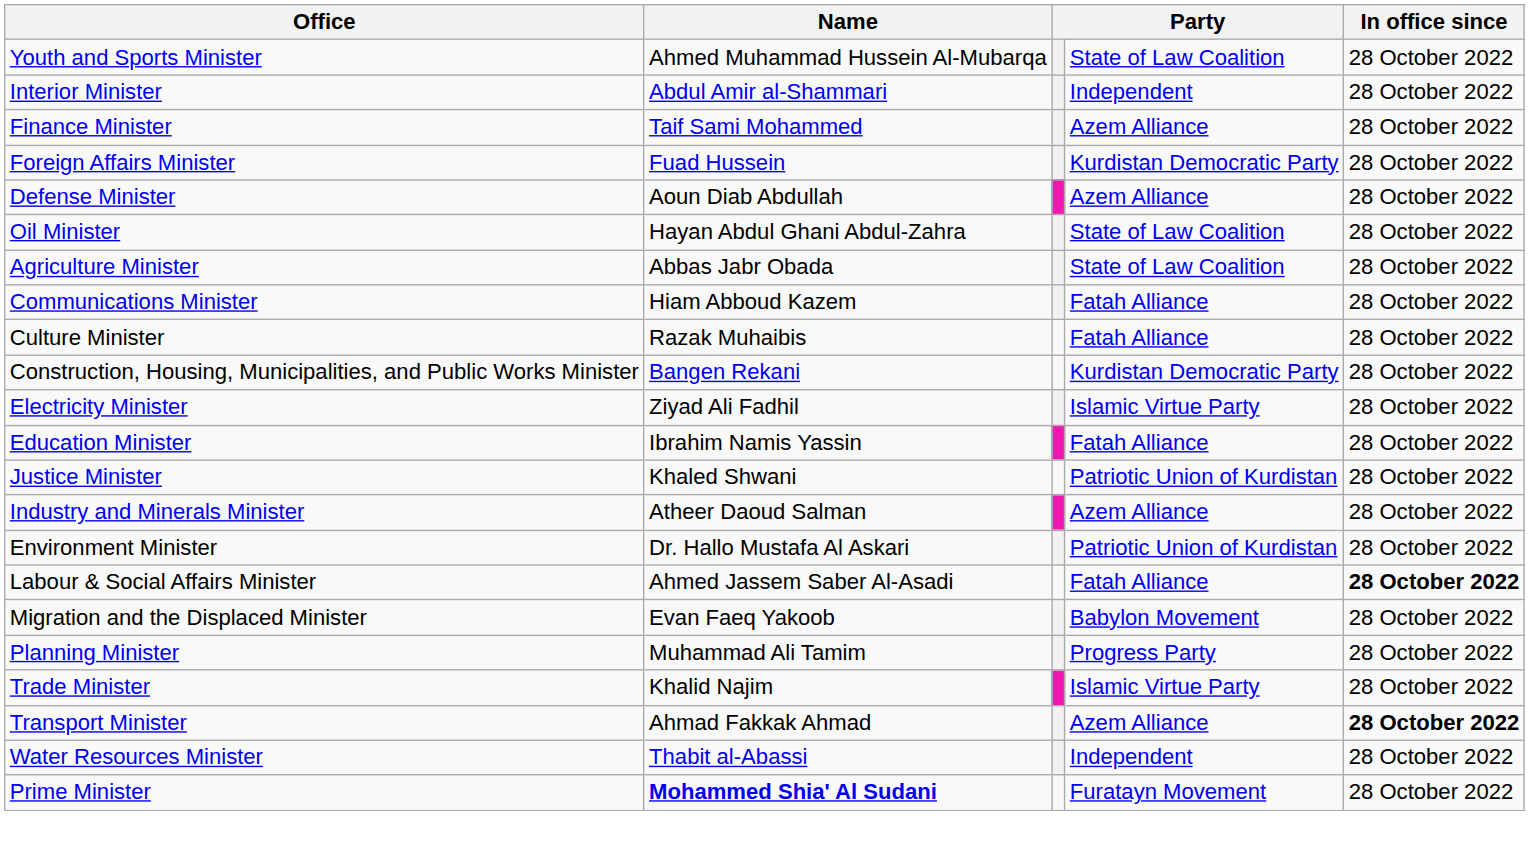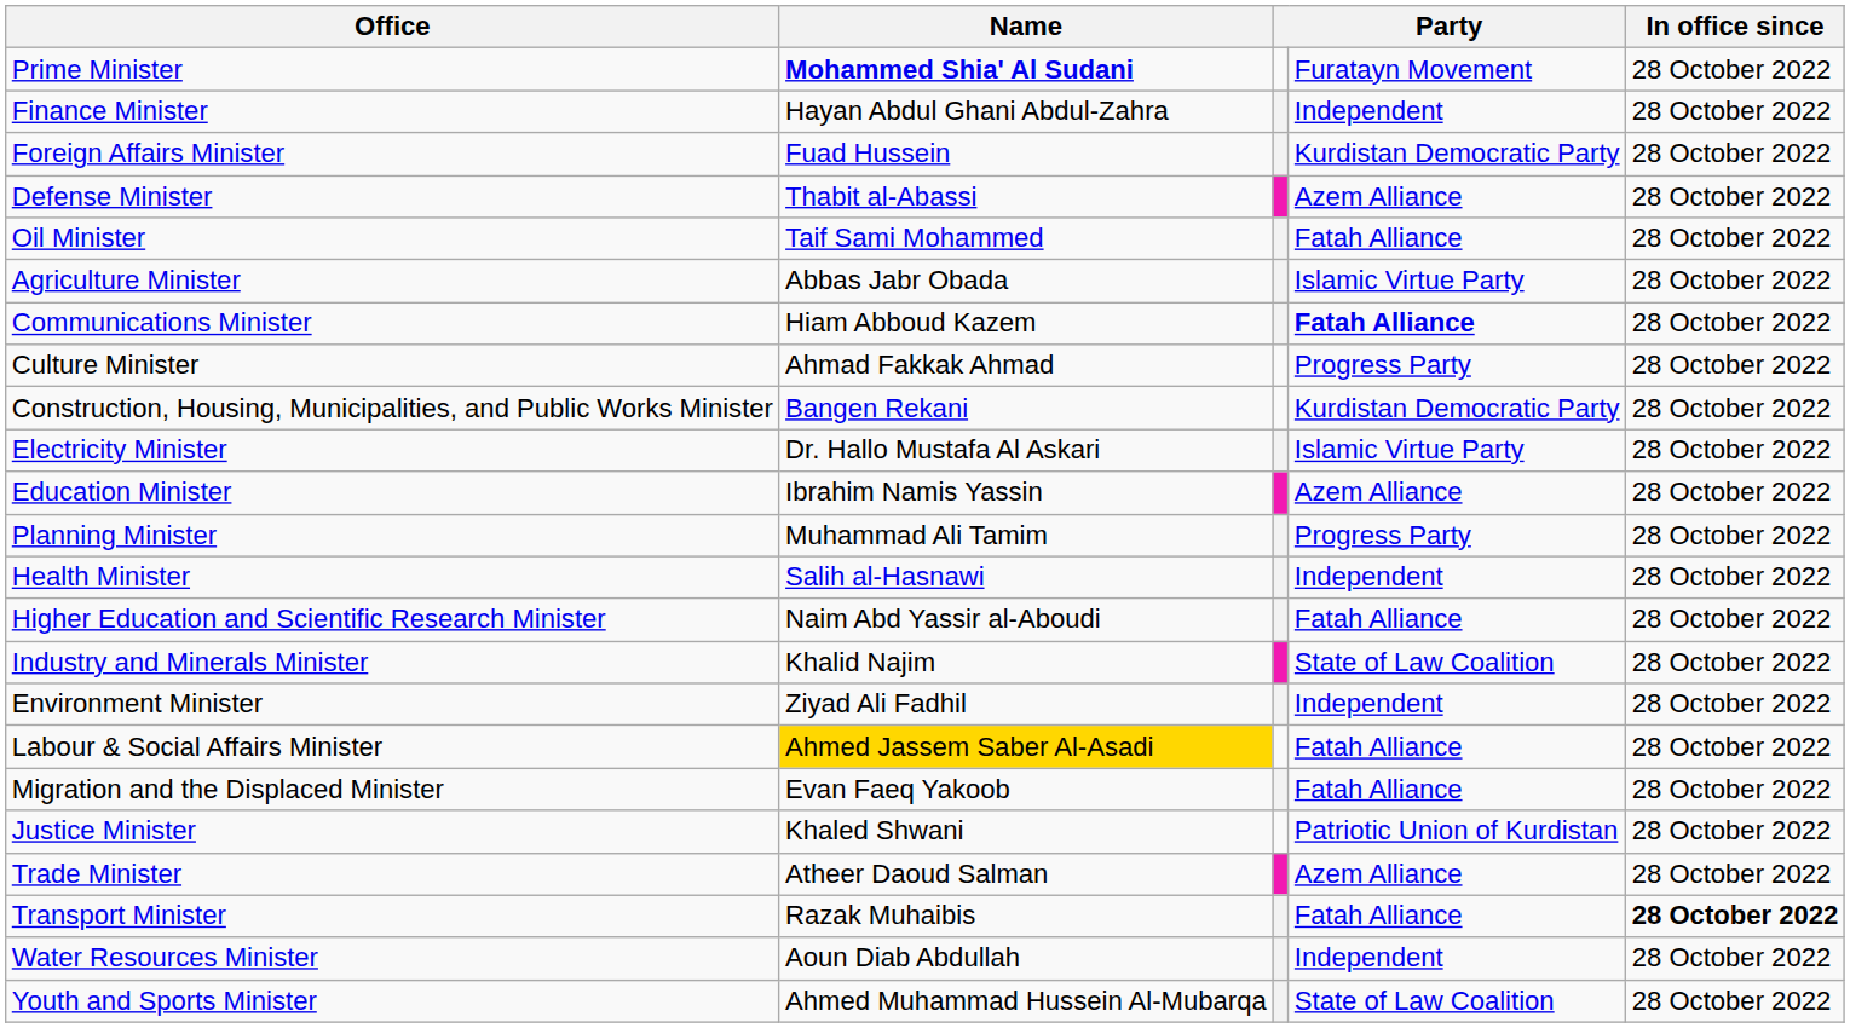 <table class="wikitable">
 <tr>
 <th>Office</th>
 <th>Name</th>
 <th colspan="2">Party</th>
 <th>In office since</th>
 </tr>
 <tr>
-<td><a href='#'>Youth and Sports Minister</a></td>
-<td>Ahmed Muhammad Hussein Al-Mubarqa</td>
-<th style="background:"></th>
-<td><a href='#'>State of Law Coalition</a></td>
-<td>28 October 2022</td>
-</tr>
-<tr>
-<td><a href='#'>Interior Minister</a></td>
-<td><a href='#'>Abdul Amir al-Shammari</a></td>
-<th style="background:"></th>
-<td><a href='#'>Independent</a></td>
+<td><a href='#'>Prime Minister</a></td>
+<td><strong><a href='#'>Mohammed Shia' Al Sudani</a></strong></td>
+<td></td>
+<td><a href='#'>Furatayn Movement</a></td>
 <td>28 October 2022</td>
 </tr>
 <tr>
 <td><a href='#'>Finance Minister</a></td>
-<td><a href='#'>Taif Sami Mohammed</a></td>
+<td>Hayan Abdul Ghani Abdul-Zahra</td>
 <th style="background:"></th>
-<td><a href='#'>Azem Alliance</a></td>
+<td><a href='#'>Independent</a></td>
 <td>28 October 2022</td>
 </tr>
 <tr>
 <td><a href='#'>Foreign Affairs Minister</a></td>
 <td><a href='#'>Fuad Hussein</a></td>
 <th style="background:"></th>
 <td><a href='#'>Kurdistan Democratic Party</a></td>
 <td>28 October 2022</td>
 </tr>
 <tr>
 <td><a href='#'>Defense Minister</a></td>
-<td>Aoun Diab Abdullah</td>
+<td><a href='#'>Thabit al-Abassi</a></td>
 <th style="width:2px;background:#F217B2;"></th>
 <td><a href='#'>Azem Alliance</a></td>
 <td>28 October 2022</td>
 </tr>
 <tr>
 <td><a href='#'>Oil Minister</a></td>
-<td>Hayan Abdul Ghani Abdul-Zahra</td>
+<td><a href='#'>Taif Sami Mohammed</a></td>
 <th style="background:"></th>
-<td><a href='#'>State of Law Coalition</a></td>
+<td><a href='#'>Fatah Alliance</a></td>
 <td>28 October 2022</td>
 </tr>
 <tr>
 <td><a href='#'>Agriculture Minister</a></td>
 <td>Abbas Jabr Obada</td>
 <th style="background:"></th>
-<td><a href='#'>State of Law Coalition</a></td>
+<td><a href='#'>Islamic Virtue Party</a></td>
 <td>28 October 2022</td>
 </tr>
 <tr>
 <td><a href='#'>Communications Minister</a></td>
 <td>Hiam Abboud Kazem</td>
 <th style="background:"></th>
-<td><a href='#'>Fatah Alliance</a></td>
+<td><strong><a href='#'>Fatah Alliance</a></strong></td>
 <td>28 October 2022</td>
 </tr>
 <tr>
 <td>Culture Minister</td>
-<td>Razak Muhaibis</td>
+<td>Ahmad Fakkak Ahmad</td>
 <td style="background:"></td>
-<td><a href='#'>Fatah Alliance</a></td>
+<td><a href='#'>Progress Party</a></td>
 <td>28 October 2022</td>
 </tr>
 <tr>
 <td>Construction, Housing, Municipalities, and Public Works Minister</td>
 <td><a href='#'>Bangen Rekani</a></td>
 <td style="background:"></td>
 <td><a href='#'>Kurdistan Democratic Party</a></td>
 <td>28 October 2022</td>
 </tr>
 <tr>
 <td><a href='#'>Electricity Minister</a></td>
-<td>Ziyad Ali Fadhil</td>
+<td>Dr. Hallo Mustafa Al Askari</td>
 <th style="background:"></th>
 <td><a href='#'>Islamic Virtue Party</a></td>
 <td>28 October 2022</td>
 </tr>
 <tr>
 <td><a href='#'>Education Minister</a></td>
 <td>Ibrahim Namis Yassin</td>
 <th style="width:2px;background:#F217B2;"></th>
+<td><a href='#'>Azem Alliance</a></td>
+<td>28 October 2022</td>
+</tr>
+<tr>
+<td><a href='#'>Planning Minister</a></td>
+<td>Muhammad Ali Tamim</td>
+<th style="background:"></th>
+<td><a href='#'>Progress Party</a></td>
+<td>28 October 2022</td>
+</tr>
+<tr>
+<td><a href='#'>Health Minister</a></td>
+<td><a href='#'>Salih al-Hasnawi</a></td>
+<th style="background:"></th>
+<td><a href='#'>Independent</a></td>
+<td>28 October 2022</td>
+</tr>
+<tr>
+<td><a href='#'>Higher Education and Scientific Research Minister</a></td>
+<td>Naim Abd Yassir al-Aboudi</td>
+<th style="background:"></th>
+<td><a href='#'>Fatah Alliance</a></td>
+<td>28 October 2022</td>
+</tr>
+<tr>
+<td><a href='#'>Industry and Minerals Minister</a></td>
+<td>Khalid Najim</td>
+<th style="width:2px;background:#F217B2;"></th>
+<td><a href='#'>State of Law Coalition</a></td>
+<td>28 October 2022</td>
+</tr>
+<tr>
+<td>Environment Minister</td>
+<td>Ziyad Ali Fadhil</td>
+<th style="background:"></th>
+<td><a href='#'>Independent</a></td>
+<td>28 October 2022</td>
+</tr>
+<tr>
+<td>Labour & Social Affairs Minister</td>
+<td style="background: gold;">Ahmed Jassem Saber Al-Asadi</td>
+<td style="background:"></td>
+<td><a href='#'>Fatah Alliance</a></td>
+<td>28 October 2022</td>
+</tr>
+<tr>
+<td>Migration and the Displaced Minister</td>
+<td>Evan Faeq Yakoob</td>
+<th style="background:"></th>
 <td><a href='#'>Fatah Alliance</a></td>
 <td>28 October 2022</td>
 </tr>
 <tr>
 <td><a href='#'>Justice Minister</a></td>
 <td>Khaled Shwani</td>
 <td style="background:"></td>
 <td><a href='#'>Patriotic Union of Kurdistan</a></td>
 <td>28 October 2022</td>
 </tr>
 <tr>
-<td><a href='#'>Industry and Minerals Minister</a></td>
+<td><a href='#'>Trade Minister</a></td>
 <td>Atheer Daoud Salman</td>
 <th style="width:2px;background:#F217B2;"></th>
 <td><a href='#'>Azem Alliance</a></td>
 <td>28 October 2022</td>
 </tr>
 <tr>
-<td>Environment Minister</td>
-<td>Dr. Hallo Mustafa Al Askari</td>
+<td><a href='#'>Transport Minister</a></td>
+<td>Razak Muhaibis</td>
 <th style="background:"></th>
-<td><a href='#'>Patriotic Union of Kurdistan</a></td>
-<td>28 October 2022</td>
-</tr>
-<tr>
-<td>Labour & Social Affairs Minister</td>
-<td>Ahmed Jassem Saber Al-Asadi</td>
-<td style="background:"></td>
 <td><a href='#'>Fatah Alliance</a></td>
 <td><strong>28 October 2022</strong></td>
 </tr>
 <tr>
-<td>Migration and the Displaced Minister</td>
-<td>Evan Faeq Yakoob</td>
-<th style="background:"></th>
-<td><a href='#'>Babylon Movement</a></td>
-<td>28 October 2022</td>
-</tr>
-<tr>
-<td><a href='#'>Planning Minister</a></td>
-<td>Muhammad Ali Tamim</td>
-<th style="background:"></th>
-<td><a href='#'>Progress Party</a></td>
-<td>28 October 2022</td>
-</tr>
-<tr>
-<td><a href='#'>Trade Minister</a></td>
-<td>Khalid Najim</td>
-<th style="width:2px;background:#F217B2;"></th>
-<td><a href='#'>Islamic Virtue Party</a></td>
-<td>28 October 2022</td>
-</tr>
-<tr>
-<td><a href='#'>Transport Minister</a></td>
-<td>Ahmad Fakkak Ahmad</td>
-<th style="background:"></th>
-<td><a href='#'>Azem Alliance</a></td>
-<td><strong>28 October 2022</strong></td>
-</tr>
-<tr>
 <td><a href='#'>Water Resources Minister</a></td>
-<td><a href='#'>Thabit al-Abassi</a></td>
+<td>Aoun Diab Abdullah</td>
 <th style="background:"></th>
 <td><a href='#'>Independent</a></td>
 <td>28 October 2022</td>
 </tr>
 <tr>
-<td><a href='#'>Prime Minister</a></td>
-<td><strong><a href='#'>Mohammed Shia' Al Sudani</a></strong></td>
-<td></td>
-<td><a href='#'>Furatayn Movement</a></td>
+<td><a href='#'>Youth and Sports Minister</a></td>
+<td>Ahmed Muhammad Hussein Al-Mubarqa</td>
+<th style="background:"></th>
+<td><a href='#'>State of Law Coalition</a></td>
 <td>28 October 2022</td>
 </tr>
 </table>
